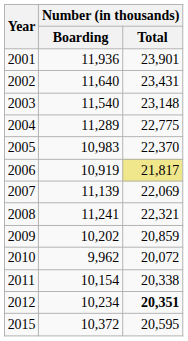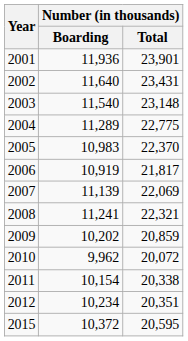 <table class=wikitable>
 <tr>
 <th rowspan=2>Year</th>
 <th colspan=2>Number (in thousands)</th>
 </tr>
 <tr>
 <th>Boarding</th>
 <th>Total</th>
 </tr>
 <tr>
 <td>2001</td>
 <td align=right>11,936</td>
 <td align=right>23,901</td>
 </tr>
 <tr>
 <td>2002</td>
 <td align=right>11,640</td>
 <td align=right>23,431</td>
 </tr>
 <tr>
 <td>2003</td>
 <td align=right>11,540</td>
 <td align=right>23,148</td>
 </tr>
 <tr>
 <td>2004</td>
 <td align=right>11,289</td>
 <td align=right>22,775</td>
 </tr>
 <tr>
 <td>2005</td>
 <td align=right>10,983</td>
 <td align=right>22,370</td>
 </tr>
 <tr>
 <td>2006</td>
 <td align=right>10,919</td>
-<td align=right style="background: khaki;">21,817</td>
+<td align=right>21,817</td>
 </tr>
 <tr>
 <td>2007</td>
 <td align=right>11,139</td>
 <td align=right>22,069</td>
 </tr>
 <tr>
 <td>2008</td>
 <td align=right>11,241</td>
 <td align=right>22,321</td>
 </tr>
 <tr>
 <td>2009</td>
 <td align=right>10,202</td>
 <td align=right>20,859</td>
 </tr>
 <tr>
 <td>2010</td>
 <td align=right>9,962</td>
 <td align=right>20,072</td>
 </tr>
 <tr>
 <td>2011</td>
 <td align=right>10,154</td>
 <td align=right>20,338</td>
 </tr>
 <tr>
 <td>2012</td>
 <td align=right>10,234</td>
-<td align=right><strong>20,351</strong></td>
+<td align=right>20,351</td>
 </tr>
 <tr>
 <td>2015</td>
 <td align=right>10,372</td>
 <td align=right>20,595</td>
 </tr>
 </table>
